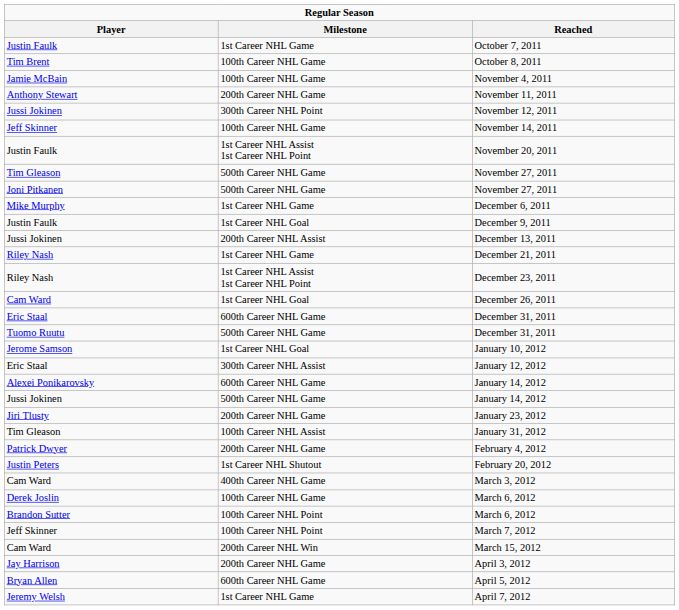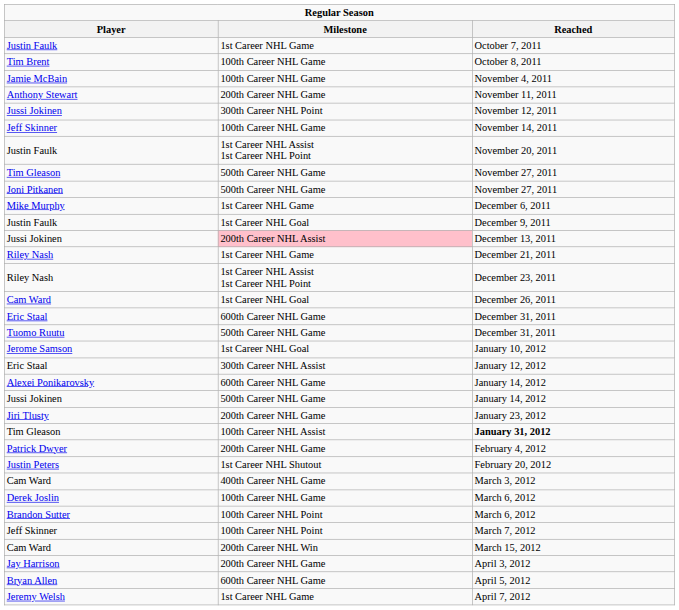 <table class="wikitable" width="52%">
 <tr>
 <td colspan="10" align="center"><strong>Regular Season</strong></td>
 </tr>
 <tr>
 <th>Player</th>
 <th>Milestone</th>
 <th>Reached</th>
 </tr>
 <tr>
 <td><a href='#'>Justin Faulk</a></td>
 <td>1st Career NHL Game</td>
 <td>October 7, 2011</td>
 </tr>
 <tr>
 <td><a href='#'>Tim Brent</a></td>
 <td>100th Career NHL Game</td>
 <td>October 8, 2011</td>
 </tr>
 <tr>
 <td><a href='#'>Jamie McBain</a></td>
 <td>100th Career NHL Game</td>
 <td>November 4, 2011</td>
 </tr>
 <tr>
 <td><a href='#'>Anthony Stewart</a></td>
 <td>200th Career NHL Game</td>
 <td>November 11, 2011</td>
 </tr>
 <tr>
 <td><a href='#'>Jussi Jokinen</a></td>
 <td>300th Career NHL Point</td>
 <td>November 12, 2011</td>
 </tr>
 <tr>
 <td><a href='#'>Jeff Skinner</a></td>
 <td>100th Career NHL Game</td>
 <td>November 14, 2011</td>
 </tr>
 <tr>
 <td>Justin Faulk</td>
 <td>1st Career NHL Assist<br>1st Career NHL Point</td>
 <td>November 20, 2011</td>
 </tr>
 <tr>
 <td><a href='#'>Tim Gleason</a></td>
 <td>500th Career NHL Game</td>
 <td>November 27, 2011</td>
 </tr>
 <tr>
 <td><a href='#'>Joni Pitkanen</a></td>
 <td>500th Career NHL Game</td>
 <td>November 27, 2011</td>
 </tr>
 <tr>
 <td><a href='#'>Mike Murphy</a></td>
 <td>1st Career NHL Game</td>
 <td>December 6, 2011</td>
 </tr>
 <tr>
 <td>Justin Faulk</td>
 <td>1st Career NHL Goal</td>
 <td>December 9, 2011</td>
 </tr>
 <tr>
 <td>Jussi Jokinen</td>
-<td>200th Career NHL Assist</td>
+<td style="background: pink;">200th Career NHL Assist</td>
 <td>December 13, 2011</td>
 </tr>
 <tr>
 <td><a href='#'>Riley Nash</a></td>
 <td>1st Career NHL Game</td>
 <td>December 21, 2011</td>
 </tr>
 <tr>
 <td>Riley Nash</td>
 <td>1st Career NHL Assist<br>1st Career NHL Point</td>
 <td>December 23, 2011</td>
 </tr>
 <tr>
 <td><a href='#'>Cam Ward</a></td>
 <td>1st Career NHL Goal</td>
 <td>December 26, 2011</td>
 </tr>
 <tr>
 <td><a href='#'>Eric Staal</a></td>
 <td>600th Career NHL Game</td>
 <td>December 31, 2011</td>
 </tr>
 <tr>
 <td><a href='#'>Tuomo Ruutu</a></td>
 <td>500th Career NHL Game</td>
 <td>December 31, 2011</td>
 </tr>
 <tr>
 <td><a href='#'>Jerome Samson</a></td>
 <td>1st Career NHL Goal</td>
 <td>January 10, 2012</td>
 </tr>
 <tr>
 <td>Eric Staal</td>
 <td>300th Career NHL Assist</td>
 <td>January 12, 2012</td>
 </tr>
 <tr>
 <td><a href='#'>Alexei Ponikarovsky</a></td>
 <td>600th Career NHL Game</td>
 <td>January 14, 2012</td>
 </tr>
 <tr>
 <td>Jussi Jokinen</td>
 <td>500th Career NHL Game</td>
 <td>January 14, 2012</td>
 </tr>
 <tr>
 <td><a href='#'>Jiri Tlusty</a></td>
 <td>200th Career NHL Game</td>
 <td>January 23, 2012</td>
 </tr>
 <tr>
 <td>Tim Gleason</td>
 <td>100th Career NHL Assist</td>
-<td>January 31, 2012</td>
+<td><strong>January 31, 2012</strong></td>
 </tr>
 <tr>
 <td><a href='#'>Patrick Dwyer</a></td>
 <td>200th Career NHL Game</td>
 <td>February 4, 2012</td>
 </tr>
 <tr>
 <td><a href='#'>Justin Peters</a></td>
 <td>1st Career NHL Shutout</td>
 <td>February 20, 2012</td>
 </tr>
 <tr>
 <td>Cam Ward</td>
 <td>400th Career NHL Game</td>
 <td>March 3, 2012</td>
 </tr>
 <tr>
 <td><a href='#'>Derek Joslin</a></td>
 <td>100th Career NHL Game</td>
 <td>March 6, 2012</td>
 </tr>
 <tr>
 <td><a href='#'>Brandon Sutter</a></td>
 <td>100th Career NHL Point</td>
 <td>March 6, 2012</td>
 </tr>
 <tr>
 <td>Jeff Skinner</td>
 <td>100th Career NHL Point</td>
 <td>March 7, 2012</td>
 </tr>
 <tr>
 <td>Cam Ward</td>
 <td>200th Career NHL Win</td>
 <td>March 15, 2012</td>
 </tr>
 <tr>
 <td><a href='#'>Jay Harrison</a></td>
 <td>200th Career NHL Game</td>
 <td>April 3, 2012</td>
 </tr>
 <tr>
 <td><a href='#'>Bryan Allen</a></td>
 <td>600th Career NHL Game</td>
 <td>April 5, 2012</td>
 </tr>
 <tr>
 <td><a href='#'>Jeremy Welsh</a></td>
 <td>1st Career NHL Game</td>
 <td>April 7, 2012</td>
 </tr>
 </table>
